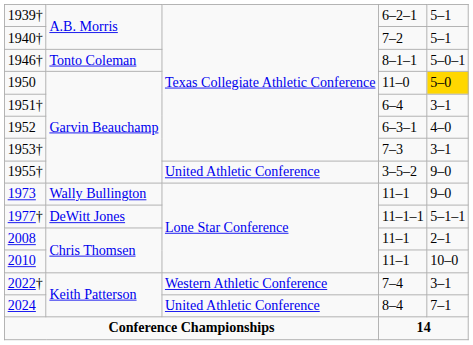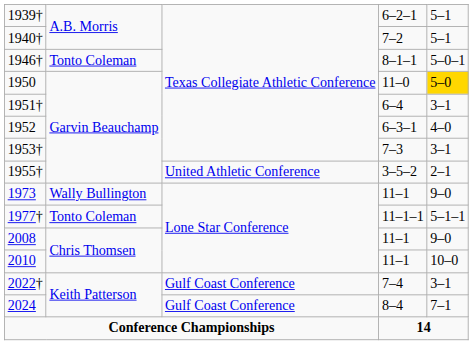 <table class="wikitable">
 <tr>
 <td>1939†</td>
 <td rowspan="2"><a href='#'>A.B. Morris</a></td>
 <td rowspan="7"><a href='#'>Texas Collegiate Athletic Conference</a></td>
 <td>6–2–1</td>
 <td>5–1</td>
 </tr>
 <tr>
 <td>1940†</td>
 <td>7–2</td>
 <td>5–1</td>
 </tr>
 <tr>
 <td>1946†</td>
 <td><a href='#'>Tonto Coleman</a></td>
 <td>8–1–1</td>
 <td>5–0–1</td>
 </tr>
 <tr>
 <td>1950</td>
 <td rowspan="5"><a href='#'>Garvin Beauchamp</a></td>
 <td>11–0</td>
 <td style="background: gold;">5–0</td>
 </tr>
 <tr>
 <td>1951†</td>
 <td>6–4</td>
 <td>3–1</td>
 </tr>
 <tr>
 <td>1952</td>
 <td>6–3–1</td>
 <td>4–0</td>
 </tr>
 <tr>
 <td>1953†</td>
 <td>7–3</td>
 <td>3–1</td>
 </tr>
 <tr>
 <td>1955†</td>
 <td><a href='#'>United Athletic Conference</a></td>
 <td>3–5–2</td>
-<td>9–0</td>
+<td>2–1</td>
 </tr>
 <tr>
 <td><a href='#'>1973</a></td>
 <td><a href='#'>Wally Bullington</a></td>
 <td rowspan="4"><a href='#'>Lone Star Conference</a></td>
 <td>11–1</td>
 <td>9–0</td>
 </tr>
 <tr>
 <td><a href='#'>1977</a>†</td>
-<td><a href='#'>DeWitt Jones</a></td>
+<td><a href='#'>Tonto Coleman</a></td>
 <td>11–1–1</td>
 <td>5–1–1</td>
 </tr>
 <tr>
 <td><a href='#'>2008</a></td>
 <td rowspan="2"><a href='#'>Chris Thomsen</a></td>
 <td>11–1</td>
-<td>2–1</td>
+<td>9–0</td>
 </tr>
 <tr>
 <td><a href='#'>2010</a></td>
 <td>11–1</td>
 <td>10–0</td>
 </tr>
 <tr>
 <td><a href='#'>2022</a>†</td>
 <td rowspan="2"><a href='#'>Keith Patterson</a></td>
-<td><a href='#'>Western Athletic Conference</a></td>
+<td><a href='#'>Gulf Coast Conference</a></td>
 <td>7–4</td>
 <td>3–1</td>
 </tr>
 <tr>
 <td><a href='#'>2024</a></td>
-<td><a href='#'>United Athletic Conference</a></td>
+<td><a href='#'>Gulf Coast Conference</a></td>
 <td>8–4</td>
 <td>7–1</td>
 </tr>
 <tr align="center">
 <td colspan=3><strong>Conference Championships</strong></td>
 <td colspan=3><strong>14</strong></td>
 </tr>
 </table>
